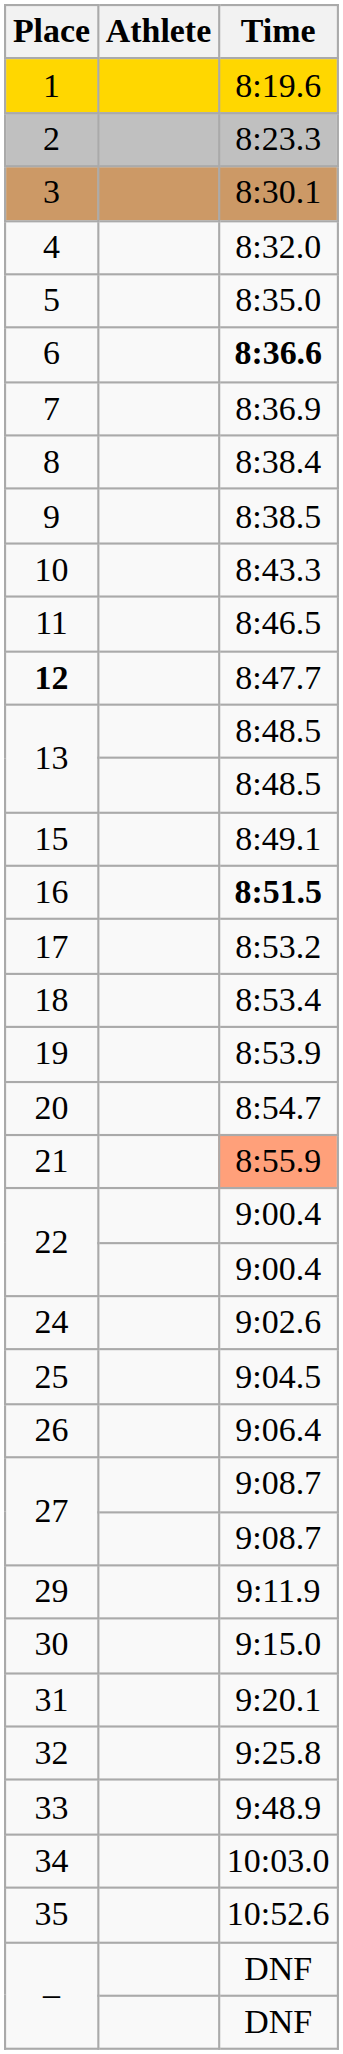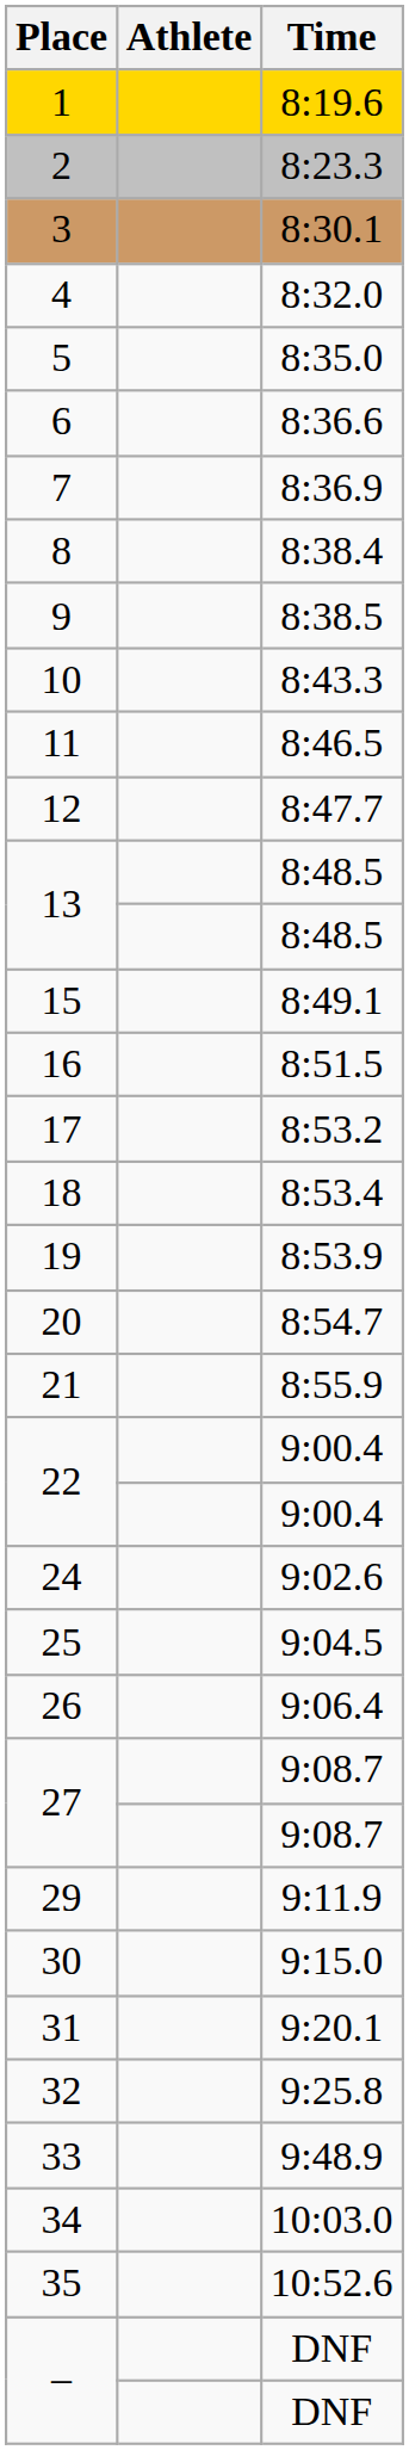 <table class="wikitable" style="text-align:center">
 <tr>
 <th>Place</th>
 <th>Athlete</th>
 <th>Time</th>
 </tr>
 <tr bgcolor=gold>
 <td>1</td>
 <td align=left></td>
 <td>8:19.6</td>
 </tr>
 <tr bgcolor=silver>
 <td>2</td>
 <td align=left></td>
 <td>8:23.3</td>
 </tr>
 <tr bgcolor=cc9966>
 <td>3</td>
 <td align=left></td>
 <td>8:30.1</td>
 </tr>
 <tr>
 <td>4</td>
 <td align=left></td>
 <td>8:32.0</td>
 </tr>
 <tr>
 <td>5</td>
 <td align=left></td>
 <td>8:35.0</td>
 </tr>
 <tr>
 <td>6</td>
 <td align=left></td>
-<td><strong>8:36.6</strong></td>
+<td>8:36.6</td>
 </tr>
 <tr>
 <td>7</td>
 <td align=left></td>
 <td>8:36.9</td>
 </tr>
 <tr>
 <td>8</td>
 <td align=left></td>
 <td>8:38.4</td>
 </tr>
 <tr>
 <td>9</td>
 <td align=left></td>
 <td>8:38.5</td>
 </tr>
 <tr>
 <td>10</td>
 <td align=left></td>
 <td>8:43.3</td>
 </tr>
 <tr>
 <td>11</td>
 <td align=left></td>
 <td>8:46.5</td>
 </tr>
 <tr>
-<td><strong>12</strong></td>
+<td>12</td>
 <td align=left></td>
 <td>8:47.7</td>
 </tr>
 <tr>
 <td rowspan=2>13</td>
 <td align=left></td>
 <td>8:48.5</td>
 </tr>
 <tr>
 <td align=left></td>
 <td>8:48.5</td>
 </tr>
 <tr>
 <td>15</td>
 <td align=left></td>
 <td>8:49.1</td>
 </tr>
 <tr>
 <td>16</td>
 <td align=left></td>
-<td><strong>8:51.5</strong></td>
+<td>8:51.5</td>
 </tr>
 <tr>
 <td>17</td>
 <td align=left></td>
 <td>8:53.2</td>
 </tr>
 <tr>
 <td>18</td>
 <td align=left></td>
 <td>8:53.4</td>
 </tr>
 <tr>
 <td>19</td>
 <td align=left></td>
 <td>8:53.9</td>
 </tr>
 <tr>
 <td>20</td>
 <td align=left></td>
 <td>8:54.7</td>
 </tr>
 <tr>
 <td>21</td>
 <td align=left></td>
-<td style="background: lightsalmon;">8:55.9</td>
+<td>8:55.9</td>
 </tr>
 <tr>
 <td rowspan=2>22</td>
 <td align=left></td>
 <td>9:00.4</td>
 </tr>
 <tr>
 <td align=left></td>
 <td>9:00.4</td>
 </tr>
 <tr>
 <td>24</td>
 <td align=left></td>
 <td>9:02.6</td>
 </tr>
 <tr>
 <td>25</td>
 <td align=left></td>
 <td>9:04.5</td>
 </tr>
 <tr>
 <td>26</td>
 <td align=left></td>
 <td>9:06.4</td>
 </tr>
 <tr>
 <td rowspan=2>27</td>
 <td align=left></td>
 <td>9:08.7</td>
 </tr>
 <tr>
 <td align=left></td>
 <td>9:08.7</td>
 </tr>
 <tr>
 <td>29</td>
 <td align=left></td>
 <td>9:11.9</td>
 </tr>
 <tr>
 <td>30</td>
 <td align=left></td>
 <td>9:15.0</td>
 </tr>
 <tr>
 <td>31</td>
 <td align=left></td>
 <td>9:20.1</td>
 </tr>
 <tr>
 <td>32</td>
 <td align=left></td>
 <td>9:25.8</td>
 </tr>
 <tr>
 <td>33</td>
 <td align=left></td>
 <td>9:48.9</td>
 </tr>
 <tr>
 <td>34</td>
 <td align=left></td>
 <td>10:03.0</td>
 </tr>
 <tr>
 <td>35</td>
 <td align=left></td>
 <td>10:52.6</td>
 </tr>
 <tr>
 <td rowspan=2>–</td>
 <td align=left></td>
 <td>DNF</td>
 </tr>
 <tr>
 <td align=left></td>
 <td>DNF</td>
 </tr>
 </table>
